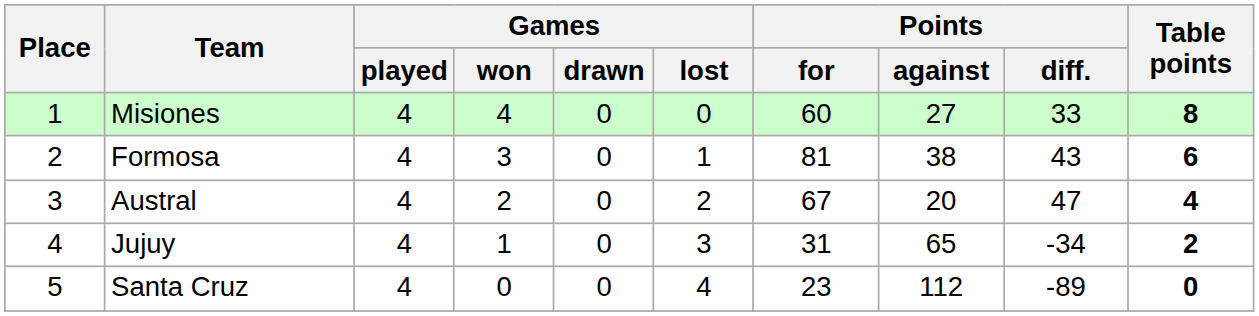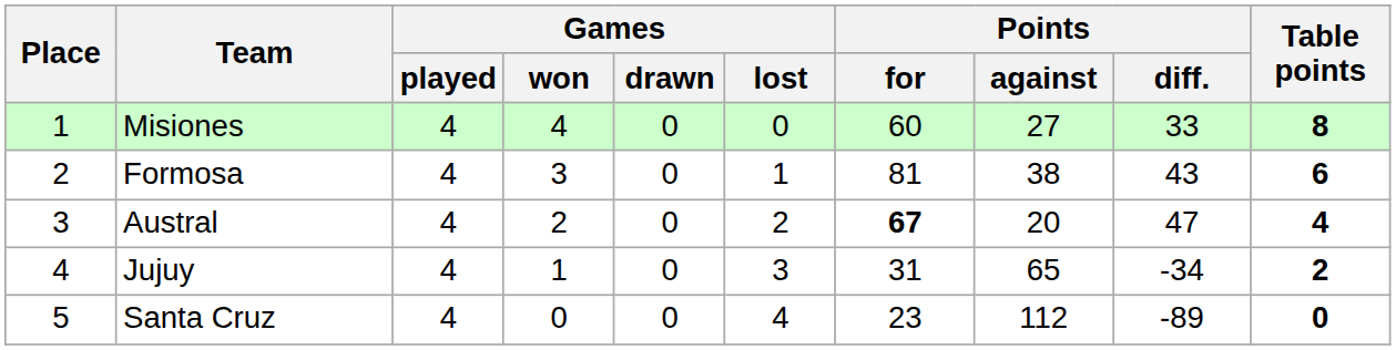 <table class="wikitable">
 <tr>
 <th rowspan=2 width="8%">Place</th>
 <th rowspan=2 width="20%">Team</th>
 <th colspan=4 width="32%">Games</th>
 <th colspan=3 width="30%">Points</th>
 <th rowspan=2 width="10%">Table<br>points</th>
 </tr>
 <tr>
 <th width="8%">played</th>
 <th width="8%">won</th>
 <th width="8%">drawn</th>
 <th width="8%">lost</th>
 <th width="10%">for</th>
 <th width="10%">against</th>
 <th width="10%">diff.</th>
 </tr>
 <tr align=center style="background: #ccffcc;">
 <td>1</td>
 <td align=left>Misiones</td>
 <td>4</td>
 <td>4</td>
 <td>0</td>
 <td>0</td>
 <td>60</td>
 <td>27</td>
 <td>33</td>
 <td><strong>8</strong></td>
 </tr>
 <tr align=center style="background: #ffffff;">
 <td>2</td>
 <td align=left>Formosa</td>
 <td>4</td>
 <td>3</td>
 <td>0</td>
 <td>1</td>
 <td>81</td>
 <td>38</td>
 <td>43</td>
 <td><strong>6</strong></td>
 </tr>
 <tr align=center style="background: #ffffff;">
 <td>3</td>
 <td align=left>Austral</td>
 <td>4</td>
 <td>2</td>
 <td>0</td>
 <td>2</td>
-<td>67</td>
+<td><strong>67</strong></td>
 <td>20</td>
 <td>47</td>
 <td><strong>4</strong></td>
 </tr>
 <tr align=center style="background: #ffffff;">
 <td>4</td>
 <td align=left>Jujuy</td>
 <td>4</td>
 <td>1</td>
 <td>0</td>
 <td>3</td>
 <td>31</td>
 <td>65</td>
 <td>-34</td>
 <td><strong>2</strong></td>
 </tr>
 <tr align=center style="background: #ffffff;">
 <td>5</td>
 <td align=left>Santa Cruz</td>
 <td>4</td>
 <td>0</td>
 <td>0</td>
 <td>4</td>
 <td>23</td>
 <td>112</td>
 <td>-89</td>
 <td><strong>0</strong></td>
 </tr>
 </table>
